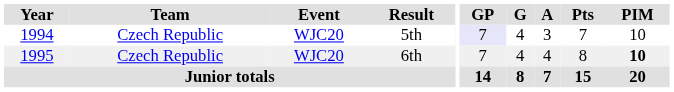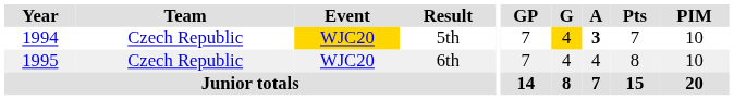 <table border="0" cellpadding="1" cellspacing="0" ID="Table3" style="text-align:center; width:40em">
 <tr ALIGN="center" bgcolor="#e0e0e0">
 <th>Year</th>
 <th>Team</th>
 <th>Event</th>
 <th>Result</th>
 <th rowspan="99" bgcolor="#ffffff"></th>
 <th>GP</th>
 <th>G</th>
 <th>A</th>
 <th>Pts</th>
 <th>PIM</th>
 </tr>
 <tr>
 <td><a href='#'>1994</a></td>
 <td><a href='#'>Czech Republic</a></td>
-<td><a href='#'>WJC20</a></td>
+<td style="background: gold;"><a href='#'>WJC20</a></td>
 <td>5th</td>
-<td style="background: lavender;">7</td>
-<td>4</td>
-<td>3</td>
+<td>7</td>
+<td style="background: gold;">4</td>
+<td><strong>3</strong></td>
 <td>7</td>
 <td>10</td>
 </tr>
 <tr bgcolor="#f0f0f0">
 <td><a href='#'>1995</a></td>
 <td><a href='#'>Czech Republic</a></td>
 <td><a href='#'>WJC20</a></td>
 <td>6th</td>
 <td>7</td>
 <td>4</td>
 <td>4</td>
 <td>8</td>
-<td><strong>10</strong></td>
+<td>10</td>
 </tr>
 <tr bgcolor="#e0e0e0">
 <th colspan="4">Junior totals</th>
 <th>14</th>
 <th>8</th>
 <th>7</th>
 <th>15</th>
 <th>20</th>
 </tr>
 </table>
